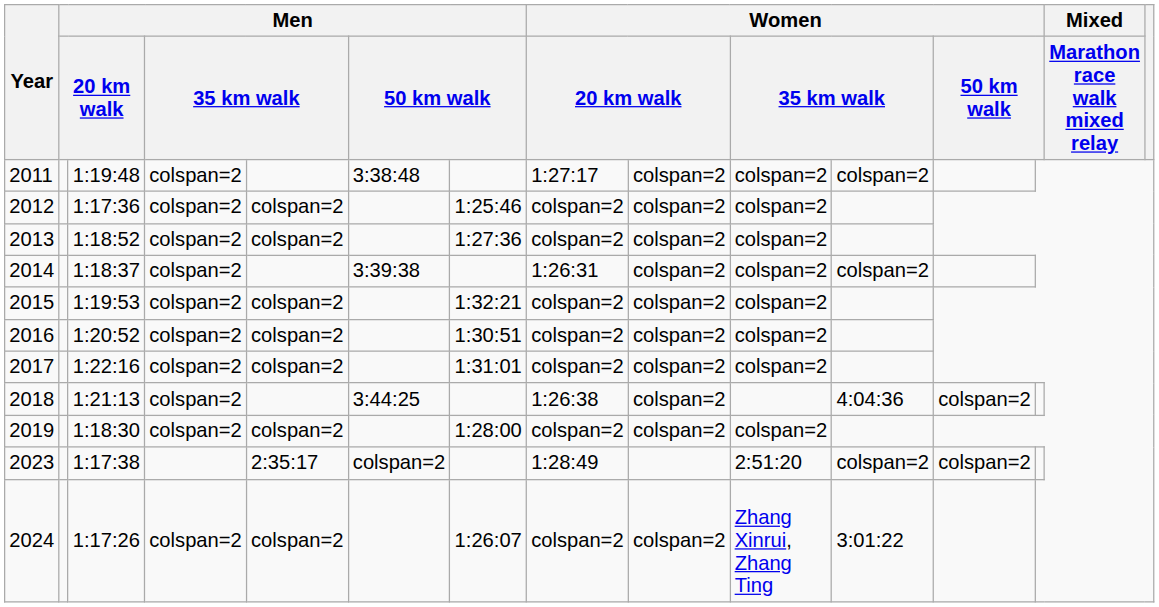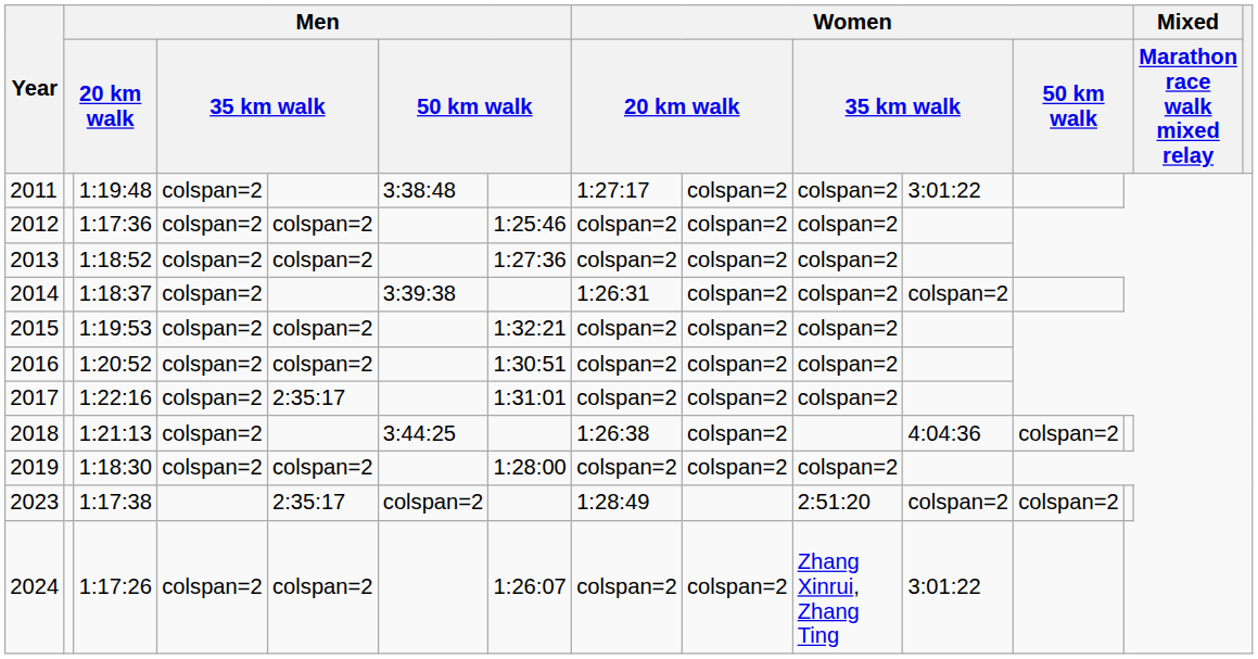 <table class="wikitable mw-datatable sortable">
 <tr>
 <th rowspan=2>Year</th>
 <th colspan=6>Men</th>
 <th colspan=6>Women</th>
 <th colspan=2>Mixed</th>
 <th rowspan=2 class="unsortable"></th>
 </tr>
 <tr>
 <th colspan=2><a href='#'>20 km walk</a></th>
 <th colspan=2><a href='#'>35 km walk</a></th>
 <th colspan=2><a href='#'>50 km walk</a></th>
 <th colspan=2><a href='#'>20 km walk</a></th>
 <th colspan=2><a href='#'>35 km walk</a></th>
 <th colspan=2><a href='#'>50 km walk</a></th>
 <th colspan=2><a href='#'>Marathon race walk mixed relay</a></th>
 </tr>
 <tr>
 <td>2011</td>
 <td></td>
 <td>1:19:48</td>
 <td>colspan=2 </td>
 <td></td>
 <td>3:38:48</td>
 <td></td>
 <td>1:27:17</td>
 <td>colspan=2 </td>
 <td>colspan=2 </td>
-<td>colspan=2 </td>
+<td>3:01:22</td>
 <td></td>
 </tr>
 <tr>
 <td>2012</td>
 <td></td>
 <td>1:17:36 </td>
 <td>colspan=2 </td>
 <td>colspan=2 </td>
 <td></td>
 <td>1:25:46 </td>
 <td>colspan=2 </td>
 <td>colspan=2 </td>
 <td>colspan=2 </td>
 <td></td>
 </tr>
 <tr>
 <td>2013</td>
 <td></td>
 <td>1:18:52</td>
 <td>colspan=2 </td>
 <td>colspan=2 </td>
 <td></td>
 <td>1:27:36</td>
 <td>colspan=2 </td>
 <td>colspan=2 </td>
 <td>colspan=2 </td>
 <td></td>
 </tr>
 <tr>
 <td>2014</td>
 <td></td>
 <td>1:18:37 </td>
 <td>colspan=2 </td>
 <td></td>
 <td>3:39:38</td>
 <td></td>
 <td>1:26:31</td>
 <td>colspan=2 </td>
 <td>colspan=2 </td>
 <td>colspan=2 </td>
 <td></td>
 </tr>
 <tr>
 <td>2015</td>
 <td></td>
 <td>1:19:53</td>
 <td>colspan=2 </td>
 <td>colspan=2 </td>
 <td></td>
 <td>1:32:21</td>
 <td>colspan=2 </td>
 <td>colspan=2 </td>
 <td>colspan=2 </td>
 <td></td>
 </tr>
 <tr>
 <td>2016</td>
 <td></td>
 <td>1:20:52</td>
 <td>colspan=2 </td>
 <td>colspan=2 </td>
 <td></td>
 <td>1:30:51</td>
 <td>colspan=2 </td>
 <td>colspan=2 </td>
 <td>colspan=2 </td>
 <td></td>
 </tr>
 <tr>
 <td>2017</td>
 <td></td>
 <td>1:22:16</td>
 <td>colspan=2 </td>
-<td>colspan=2 </td>
+<td>2:35:17</td>
 <td></td>
 <td>1:31:01</td>
 <td>colspan=2 </td>
 <td>colspan=2 </td>
 <td>colspan=2 </td>
 <td></td>
 </tr>
 <tr>
 <td>2018</td>
 <td></td>
 <td>1:21:13</td>
 <td>colspan=2 </td>
 <td></td>
 <td>3:44:25</td>
 <td></td>
 <td>1:26:38</td>
 <td>colspan=2 </td>
 <td></td>
 <td>4:04:36 </td>
 <td>colspan=2 </td>
 <td></td>
 </tr>
 <tr>
 <td>2019</td>
 <td></td>
 <td>1:18:30</td>
 <td>colspan=2 </td>
 <td>colspan=2 </td>
 <td></td>
 <td>1:28:00</td>
 <td>colspan=2 </td>
 <td>colspan=2 </td>
 <td>colspan=2 </td>
 <td></td>
 </tr>
 <tr>
 <td>2023</td>
 <td></td>
 <td>1:17:38</td>
 <td></td>
 <td>2:35:17</td>
 <td>colspan=2 </td>
 <td></td>
 <td>1:28:49</td>
 <td></td>
 <td>2:51:20</td>
 <td>colspan=2 </td>
 <td>colspan=2 </td>
 <td></td>
 </tr>
 <tr>
 <td>2024</td>
 <td></td>
 <td>1:17:26</td>
 <td>colspan=2 </td>
 <td>colspan=2 </td>
 <td></td>
 <td>1:26:07</td>
 <td>colspan=2 </td>
 <td>colspan=2 </td>
 <td><br><a href='#'>Zhang Xinrui</a>, <a href='#'>Zhang Ting</a></td>
 <td>3:01:22</td>
 <td></td>
 </tr>
 </table>
